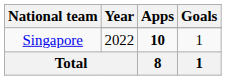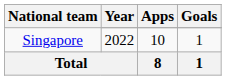 <table class="wikitable" style="text-align:center">
 <tr>
 <th>National team</th>
 <th>Year</th>
 <th>Apps</th>
 <th>Goals</th>
 </tr>
 <tr>
 <td rowspan="2"><a href='#'>Singapore</a></td>
 </tr>
 <tr>
 <td>2022</td>
-<td><strong>10</strong></td>
+<td>10</td>
 <td>1</td>
 </tr>
 <tr>
 <th colspan="2">Total</th>
 <th>8</th>
 <th>1</th>
 </tr>
 </table>
